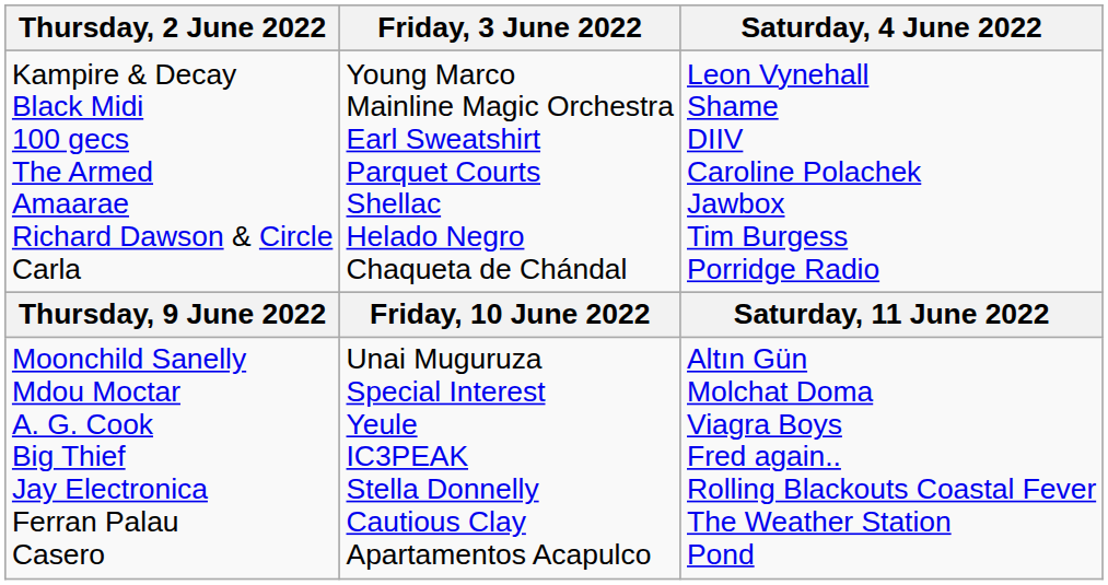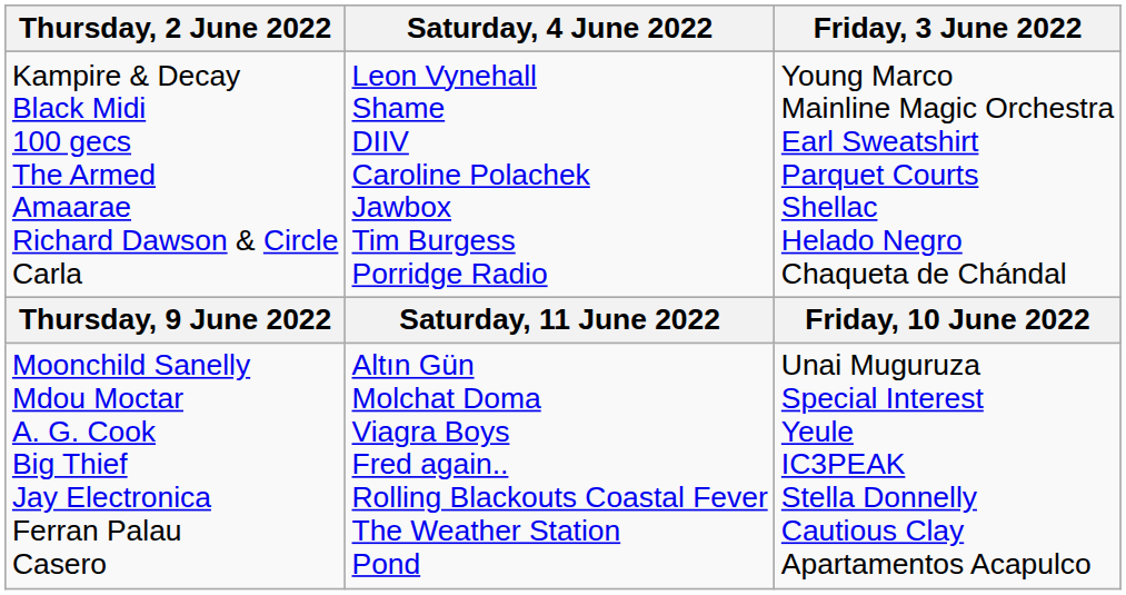 <table class="wikitable">
 <tr>
 <th>Thursday, 2 June 2022</th>
+<th>Saturday, 4 June 2022</th>
 <th>Friday, 3 June 2022</th>
-<th>Saturday, 4 June 2022</th>
 </tr>
 <tr valign="top">
 <td>Kampire & Decay<br><a href='#'>Black Midi</a><br><a href='#'>100 gecs</a><br><a href='#'>The Armed</a><br><a href='#'>Amaarae</a><br><a href='#'>Richard Dawson</a> & <a href='#'>Circle</a><br>Carla</td>
+<td><a href='#'>Leon Vynehall</a><br><a href='#'>Shame</a><br><a href='#'>DIIV</a><br><a href='#'>Caroline Polachek</a><br><a href='#'>Jawbox</a><br><a href='#'>Tim Burgess</a><br><a href='#'>Porridge Radio</a></td>
 <td>Young Marco<br>Mainline Magic Orchestra<br><a href='#'>Earl Sweatshirt</a><br><a href='#'>Parquet Courts</a><br><a href='#'>Shellac</a><br><a href='#'>Helado Negro</a><br>Chaqueta de Chándal</td>
-<td><a href='#'>Leon Vynehall</a><br><a href='#'>Shame</a><br><a href='#'>DIIV</a><br><a href='#'>Caroline Polachek</a><br><a href='#'>Jawbox</a><br><a href='#'>Tim Burgess</a><br><a href='#'>Porridge Radio</a></td>
 </tr>
 <tr>
 <th>Thursday, 9 June 2022</th>
+<th>Saturday, 11 June 2022</th>
 <th>Friday, 10 June 2022</th>
-<th>Saturday, 11 June 2022</th>
 </tr>
 <tr valign="top">
 <td><a href='#'>Moonchild Sanelly</a><br><a href='#'>Mdou Moctar</a><br><a href='#'>A. G. Cook</a><br><a href='#'>Big Thief</a><br><a href='#'>Jay Electronica</a><br>Ferran Palau<br>Casero</td>
+<td><a href='#'>Altın Gün</a><br><a href='#'>Molchat Doma</a><br><a href='#'>Viagra Boys</a><br><a href='#'>Fred again..</a><br><a href='#'>Rolling Blackouts Coastal Fever</a><br><a href='#'>The Weather Station</a><br><a href='#'>Pond</a></td>
 <td>Unai Muguruza<br><a href='#'>Special Interest</a><br><a href='#'>Yeule</a><br><a href='#'>IC3PEAK</a><br><a href='#'>Stella Donnelly</a><br><a href='#'>Cautious Clay</a><br>Apartamentos Acapulco</td>
-<td><a href='#'>Altın Gün</a><br><a href='#'>Molchat Doma</a><br><a href='#'>Viagra Boys</a><br><a href='#'>Fred again..</a><br><a href='#'>Rolling Blackouts Coastal Fever</a><br><a href='#'>The Weather Station</a><br><a href='#'>Pond</a></td>
 </tr>
 </table>
